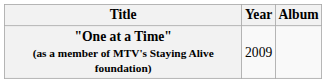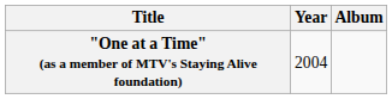 <table class="wikitable plainrowheaders" style="text-align:center;">
 <tr>
 <th scope="col" style="width:17em;">Title</th>
 <th scope="col">Year</th>
 <th scope="col">Album</th>
 </tr>
 <tr>
 <th scope="row">"One at a Time"<br><small>(as a member of MTV's Staying Alive foundation)</small></th>
-<td>2009</td>
+<td>2004</td>
 <td></td>
 </tr>
 </table>
